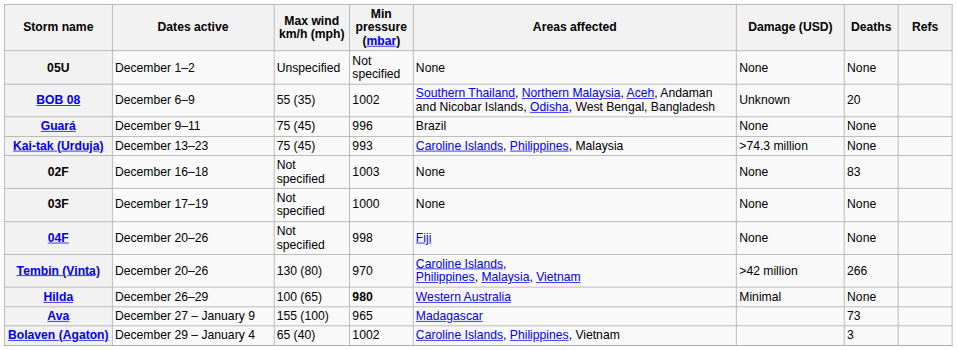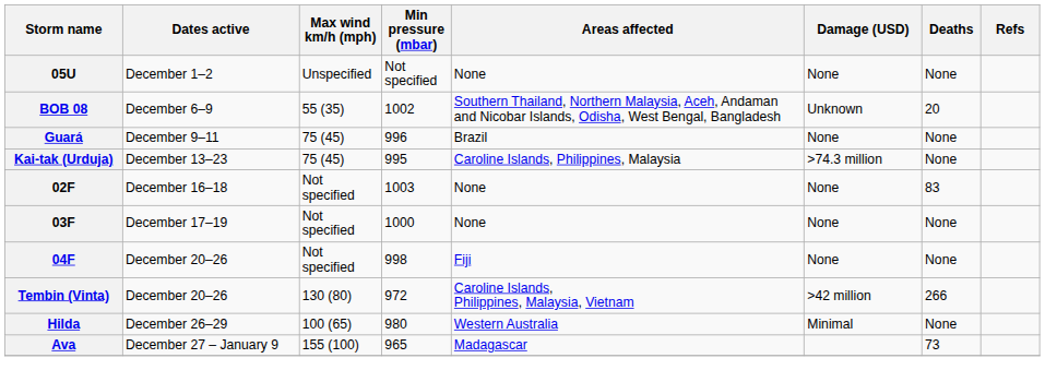 <table class="wikitable sortable">
 <tr>
 <th width="10%"><strong>Storm name</strong></th>
 <th width="15%"><strong>Dates active</strong></th>
 <th width="5%"><strong>Max wind km/h (mph)</strong></th>
 <th width="5%"><strong>Min pressure (<a href='#'>mbar</a>)</strong></th>
 <th width="30%"><strong>Areas affected</strong></th>
 <th width="10%"><strong>Damage (USD)</strong></th>
 <th width="5%"><strong>Deaths</strong></th>
 <th width="5%"><strong>Refs</strong></th>
 </tr>
 <tr>
 <th>05U</th>
 <td>December 1–2</td>
 <td>Unspecified</td>
 <td>Not specified</td>
 <td>None</td>
 <td>None</td>
 <td>None</td>
 <td></td>
 </tr>
 <tr>
 <th><a href='#'>BOB 08</a></th>
 <td>December 6–9</td>
 <td>55 (35)</td>
 <td>1002</td>
 <td><a href='#'>Southern Thailand</a>, <a href='#'>Northern Malaysia</a>, <a href='#'>Aceh</a>, Andaman and Nicobar Islands, <a href='#'>Odisha</a>, West Bengal, Bangladesh</td>
 <td>Unknown</td>
 <td>20</td>
 <td></td>
 </tr>
 <tr>
 <th><a href='#'>Guará</a></th>
 <td>December 9–11</td>
 <td>75 (45)</td>
 <td>996</td>
 <td>Brazil</td>
 <td>None</td>
 <td>None</td>
 <td></td>
 </tr>
 <tr>
 <th><a href='#'>Kai-tak (Urduja)</a></th>
 <td>December 13–23</td>
 <td>75 (45)</td>
-<td>993</td>
+<td>995</td>
 <td><a href='#'>Caroline Islands</a>, <a href='#'>Philippines</a>, Malaysia</td>
 <td>>74.3 million</td>
 <td>None</td>
 <td></td>
 </tr>
 <tr>
 <th>02F</th>
 <td>December 16–18</td>
 <td>Not specified</td>
 <td>1003</td>
 <td>None</td>
 <td>None</td>
 <td>83</td>
 <td></td>
 </tr>
 <tr>
 <th>03F</th>
 <td>December 17–19</td>
 <td>Not specified</td>
 <td>1000</td>
 <td>None</td>
 <td>None</td>
 <td>None</td>
 <td></td>
 </tr>
 <tr>
 <th><a href='#'>04F</a></th>
 <td>December 20–26</td>
 <td>Not specified</td>
 <td>998</td>
 <td><a href='#'>Fiji</a></td>
 <td>None</td>
 <td>None</td>
 <td></td>
 </tr>
 <tr>
 <th><a href='#'>Tembin (Vinta)</a></th>
 <td>December 20–26</td>
 <td>130 (80)</td>
-<td>970</td>
+<td>972</td>
 <td><a href='#'>Caroline Islands</a>,<br><a href='#'>Philippines</a>, <a href='#'>Malaysia</a>, <a href='#'>Vietnam</a></td>
 <td>>42 million</td>
 <td>266</td>
 <td></td>
 </tr>
 <tr>
 <th><a href='#'>Hilda</a></th>
 <td>December 26–29</td>
 <td>100 (65)</td>
-<td><strong>980</strong></td>
+<td>980</td>
 <td><a href='#'>Western Australia</a></td>
 <td>Minimal</td>
 <td>None</td>
 <td></td>
 </tr>
 <tr>
 <th><a href='#'>Ava</a></th>
 <td>December 27 – January 9</td>
 <td>155 (100)</td>
 <td>965</td>
 <td><a href='#'>Madagascar</a></td>
 <td></td>
 <td>73</td>
 <td></td>
 </tr>
 <tr>
-<th><a href='#'>Bolaven (Agaton)</a></th>
-<td>December 29 – January 4</td>
-<td>65 (40)</td>
-<td>1002</td>
-<td><a href='#'>Caroline Islands</a>, <a href='#'>Philippines</a>, Vietnam</td>
-<td></td>
-<td>3</td>
-<td></td>
-</tr>
-<tr>
 </tr>
 </table>
